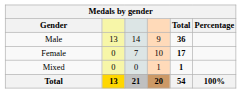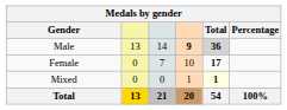 <table class=wikitable style="font-size:85%; text-align:center;float:right;clear:right;margin-left:1em;">
 <tr>
 <th colspan=6>Medals by gender</th>
 </tr>
 <tr>
 <th width=150>Gender</th>
 <th scope="col" width=30 style="background:#F7F6A8;"></th>
 <th scope="col" width=30 style="background:#DCE5E5;"></th>
 <th scope="col" width=30 style="background:#FFDAB9;"></th>
 <th width=30>Total</th>
 <th width=30>Percentage</th>
 </tr>
 <tr>
 <td>Male</td>
 <td bgcolor=F7F6A8>13</td>
 <td bgcolor=DCE5E5>14</td>
-<td bgcolor=FFDAB9>9</td>
-<td><strong>36</strong></td>
+<td bgcolor=FFDAB9><strong>9</strong></td>
+<td style="background: lightgrey;"><strong>36</strong></td>
 <td></td>
 </tr>
 <tr>
 <td>Female</td>
 <td bgcolor=F7F6A8>0</td>
 <td bgcolor=DCE5E5>7</td>
 <td bgcolor=FFDAB9>10</td>
 <td><strong>17</strong></td>
 <td></td>
 </tr>
 <tr>
 <td>Mixed</td>
 <td bgcolor=F7F6A8>0</td>
 <td bgcolor=DCE5E5>0</td>
 <td bgcolor=FFDAB9>1</td>
-<td><strong>1</strong></td>
+<td style="background: lightyellow;"><strong>1</strong></td>
 <td></td>
 </tr>
 <tr>
 <th>Total</th>
 <th style=background:gold>13</th>
 <th style=background:silver>21</th>
 <th style=background:#c96>20</th>
 <th>54</th>
 <th>100%</th>
 </tr>
 </table>
